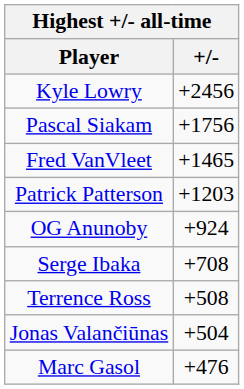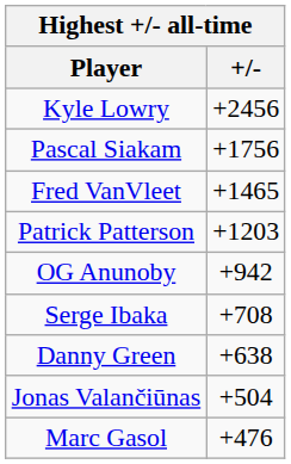 <table class="wikitable" style="text-align:center">
 <tr>
 <th colspan="2">Highest +/- all-time</th>
 </tr>
 <tr>
 <th>Player</th>
 <th>+/-</th>
 </tr>
 <tr>
 <td><a href='#'>Kyle Lowry</a></td>
 <td>+2456</td>
 </tr>
 <tr>
 <td><a href='#'>Pascal Siakam</a></td>
 <td>+1756</td>
 </tr>
 <tr>
 <td><a href='#'>Fred VanVleet</a></td>
 <td>+1465</td>
 </tr>
 <tr>
 <td><a href='#'>Patrick Patterson</a></td>
 <td>+1203</td>
 </tr>
 <tr>
 <td><a href='#'>OG Anunoby</a></td>
-<td>+924</td>
+<td>+942</td>
 </tr>
 <tr>
 <td><a href='#'>Serge Ibaka</a></td>
 <td>+708</td>
 </tr>
 <tr>
-<td><a href='#'>Terrence Ross</a></td>
-<td>+508</td>
+<td><a href='#'>Danny Green</a></td>
+<td>+638</td>
 </tr>
 <tr>
 <td><a href='#'>Jonas Valančiūnas</a></td>
 <td>+504</td>
 </tr>
 <tr>
 <td><a href='#'>Marc Gasol</a></td>
 <td>+476</td>
 </tr>
 </table>
